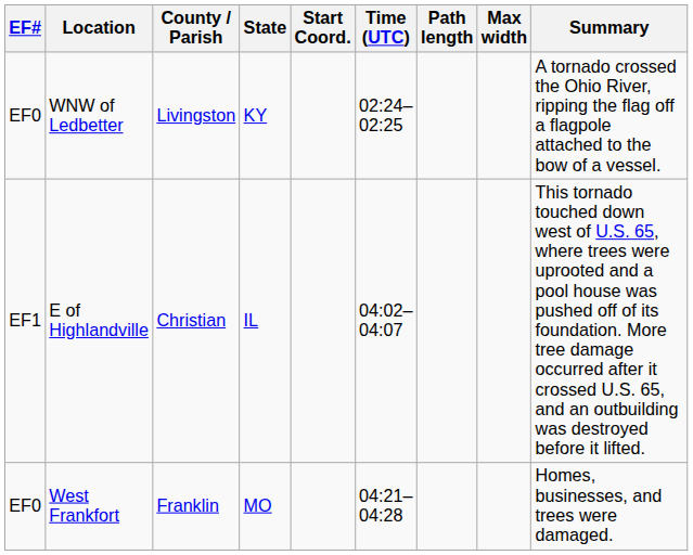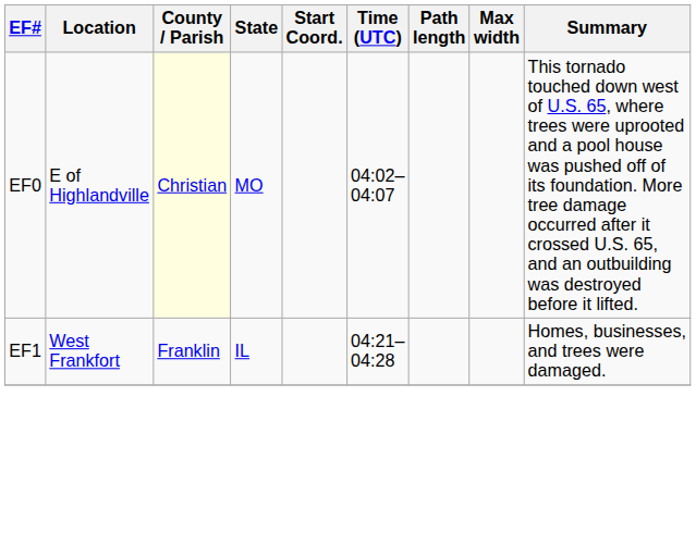 <table class="wikitable sortable" style="width:100%;">
 <tr>
 <th scope="col"  style="width:3%; text-align:center;"><a href='#'>EF#</a></th>
 <th scope="col"  style="width:7%; text-align:center;" class="unsortable">Location</th>
 <th scope="col"  style="width:6%; text-align:center;" class="unsortable">County / Parish</th>
 <th scope="col"  style="width:5%; text-align:center;">State</th>
 <th scope="col"  style="width:6%; text-align:center;">Start Coord.</th>
 <th scope="col"  style="width:6%; text-align:center;">Time (<a href='#'>UTC</a>)</th>
 <th scope="col"  style="width:6%; text-align:center;">Path length</th>
 <th scope="col"  style="width:6%; text-align:center;">Max width</th>
 <th scope="col" class="unsortable" style="width:48%; text-align:center;">Summary</th>
 </tr>
 <tr>
 <td>EF0</td>
-<td>WNW of <a href='#'>Ledbetter</a></td>
-<td><a href='#'>Livingston</a></td>
-<td><a href='#'>KY</a></td>
-<td></td>
-<td>02:24–02:25</td>
-<td></td>
-<td></td>
-<td>A tornado crossed the Ohio River, ripping the flag off a flagpole attached to the bow of a vessel.</td>
-</tr>
-<tr>
-<td>EF1</td>
 <td>E of <a href='#'>Highlandville</a></td>
-<td><a href='#'>Christian</a></td>
-<td><a href='#'>IL</a></td>
+<td style="background: lightyellow;"><a href='#'>Christian</a></td>
+<td><a href='#'>MO</a></td>
 <td></td>
 <td>04:02–04:07</td>
 <td></td>
 <td></td>
 <td>This tornado touched down west of <a href='#'>U.S. 65</a>, where trees were uprooted and a pool house was pushed off of its foundation. More tree damage occurred after it crossed U.S. 65, and an outbuilding was destroyed before it lifted.</td>
 </tr>
 <tr>
-<td>EF0</td>
+<td>EF1</td>
 <td><a href='#'>West Frankfort</a></td>
 <td><a href='#'>Franklin</a></td>
-<td><a href='#'>MO</a></td>
+<td><a href='#'>IL</a></td>
 <td></td>
 <td>04:21–04:28</td>
 <td></td>
 <td></td>
 <td>Homes, businesses, and trees were damaged.</td>
 </tr>
 <tr>
 </tr>
 </table>
